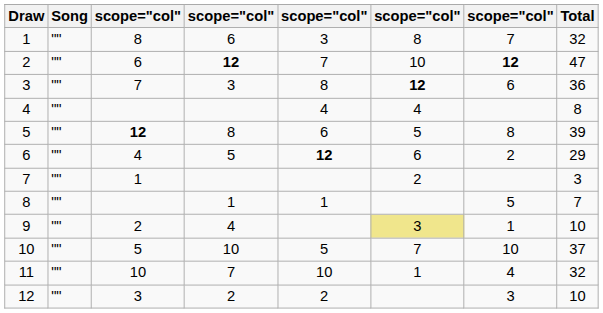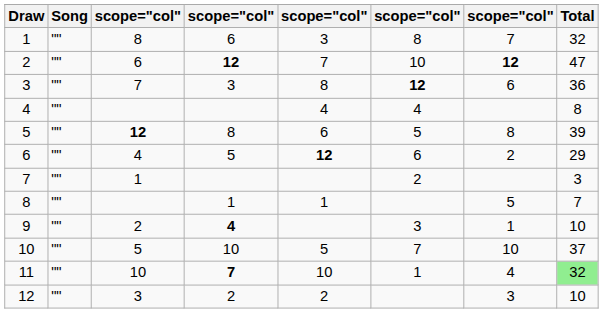 <table class="wikitable collapsible" style="margin: 1em auto 1em auto; text-align:center;">
 <tr>
 </tr>
 <tr>
 <th>Draw</th>
 <th>Song</th>
 <th>scope="col" </th>
 <th>scope="col" </th>
 <th>scope="col" </th>
 <th>scope="col" </th>
 <th>scope="col" </th>
 <th>Total</th>
 </tr>
 <tr>
 <td>1</td>
 <td align="left">""</td>
 <td>8</td>
 <td>6</td>
 <td>3</td>
 <td>8</td>
 <td>7</td>
 <td>32</td>
 </tr>
 <tr>
 <td>2</td>
 <td align="left">""</td>
 <td>6</td>
 <td><strong>12</strong></td>
 <td>7</td>
 <td>10</td>
 <td><strong>12</strong></td>
 <td>47</td>
 </tr>
 <tr>
 <td>3</td>
 <td align="left">""</td>
 <td>7</td>
 <td>3</td>
 <td>8</td>
 <td><strong>12</strong></td>
 <td>6</td>
 <td>36</td>
 </tr>
 <tr>
 <td>4</td>
 <td align="left">""</td>
 <td></td>
 <td></td>
 <td>4</td>
 <td>4</td>
 <td></td>
 <td>8</td>
 </tr>
 <tr>
 <td>5</td>
 <td align="left">""</td>
 <td><strong>12</strong></td>
 <td>8</td>
 <td>6</td>
 <td>5</td>
 <td>8</td>
 <td>39</td>
 </tr>
 <tr>
 <td>6</td>
 <td align="left">""</td>
 <td>4</td>
 <td>5</td>
 <td><strong>12</strong></td>
 <td>6</td>
 <td>2</td>
 <td>29</td>
 </tr>
 <tr>
 <td>7</td>
 <td align="left">""</td>
 <td>1</td>
 <td></td>
 <td></td>
 <td>2</td>
 <td></td>
 <td>3</td>
 </tr>
 <tr>
 <td>8</td>
 <td align="left">""</td>
 <td></td>
 <td>1</td>
 <td>1</td>
 <td></td>
 <td>5</td>
 <td>7</td>
 </tr>
 <tr>
 <td>9</td>
 <td align="left">""</td>
 <td>2</td>
-<td>4</td>
+<td><strong>4</strong></td>
 <td></td>
-<td style="background: khaki;">3</td>
+<td>3</td>
 <td>1</td>
 <td>10</td>
 </tr>
 <tr>
 <td>10</td>
 <td align="left">""</td>
 <td>5</td>
 <td>10</td>
 <td>5</td>
 <td>7</td>
 <td>10</td>
 <td>37</td>
 </tr>
 <tr>
 <td>11</td>
 <td align="left">""</td>
 <td>10</td>
-<td>7</td>
+<td><strong>7</strong></td>
 <td>10</td>
 <td>1</td>
 <td>4</td>
-<td>32</td>
+<td style="background: lightgreen;">32</td>
 </tr>
 <tr>
 <td>12</td>
 <td align="left">""</td>
 <td>3</td>
 <td>2</td>
 <td>2</td>
 <td></td>
 <td>3</td>
 <td>10</td>
 </tr>
 </table>
